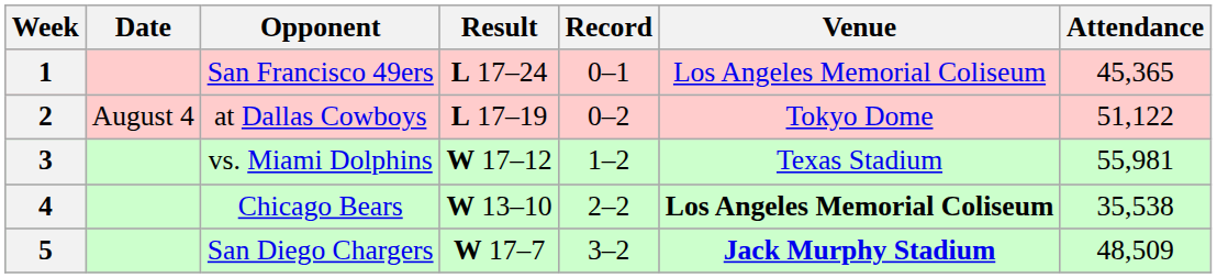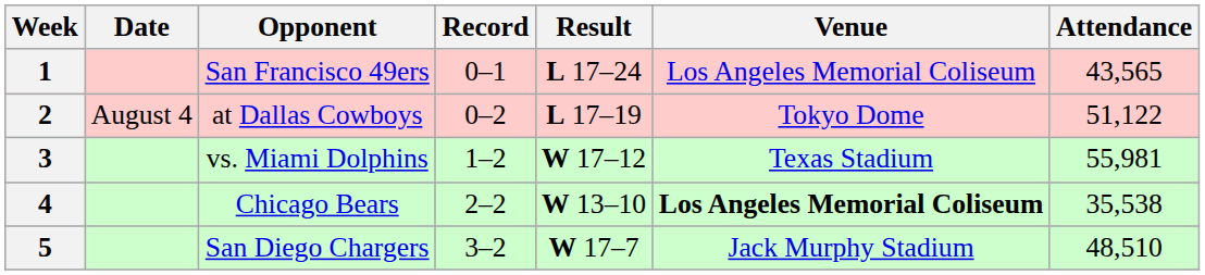 <table class="wikitable" style="text-align:center">
 <tr>
 <th>Week</th>
 <th>Date</th>
 <th>Opponent</th>
+<th>Record</th>
 <th>Result</th>
-<th>Record</th>
 <th>Venue</th>
 <th>Attendance</th>
 </tr>
 <tr style="background:#fcc">
 <th>1</th>
 <td></td>
 <td><a href='#'>San Francisco 49ers</a></td>
+<td>0–1</td>
 <td><strong>L</strong> 17–24</td>
-<td>0–1</td>
 <td><a href='#'>Los Angeles Memorial Coliseum</a></td>
-<td>45,365</td>
+<td>43,565</td>
 </tr>
 <tr style="background:#fcc">
 <th>2</th>
 <td>August 4</td>
 <td>at <a href='#'>Dallas Cowboys</a></td>
+<td>0–2</td>
 <td><strong>L</strong> 17–19</td>
-<td>0–2</td>
 <td><a href='#'>Tokyo Dome</a></td>
 <td>51,122</td>
 </tr>
 <tr style="background:#cfc">
 <th>3</th>
 <td></td>
 <td>vs. <a href='#'>Miami Dolphins</a></td>
+<td>1–2</td>
 <td><strong>W</strong> 17–12</td>
-<td>1–2</td>
 <td><a href='#'>Texas Stadium</a></td>
 <td>55,981</td>
 </tr>
 <tr style="background:#cfc">
 <th>4</th>
 <td></td>
 <td><a href='#'>Chicago Bears</a></td>
+<td>2–2</td>
 <td><strong>W</strong> 13–10</td>
-<td>2–2</td>
 <td><strong>Los Angeles Memorial Coliseum</strong></td>
 <td>35,538</td>
 </tr>
 <tr style="background:#cfc">
 <th>5</th>
 <td></td>
 <td><a href='#'>San Diego Chargers</a></td>
+<td>3–2</td>
 <td><strong>W</strong> 17–7</td>
-<td>3–2</td>
-<td><strong><a href='#'>Jack Murphy Stadium</a></strong></td>
-<td>48,509</td>
+<td><a href='#'>Jack Murphy Stadium</a></td>
+<td>48,510</td>
 </tr>
 </table>
